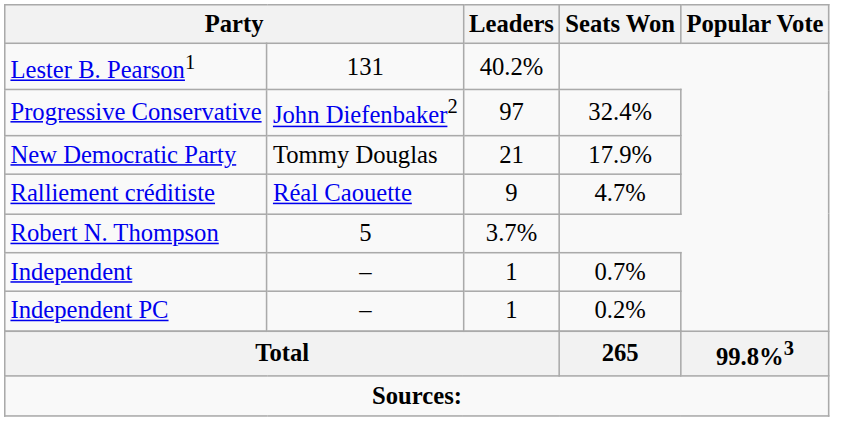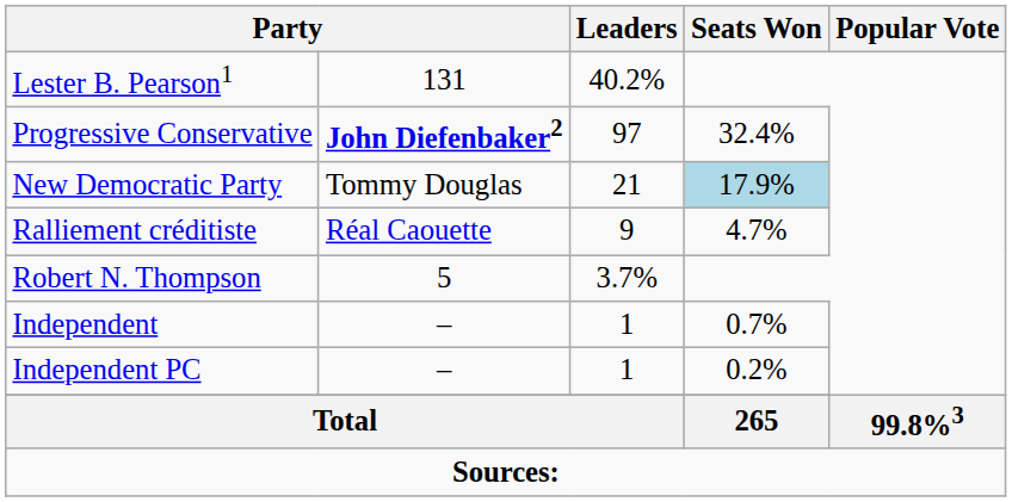 <table class="wikitable">
 <tr>
 <th colspan="2">Party</th>
 <th>Leaders</th>
 <th>Seats Won</th>
 <th>Popular Vote</th>
 </tr>
 <tr>
 <td><a href='#'>Lester B. Pearson</a><sup>1</sup></td>
 <td align=center>131</td>
 <td align=center>40.2%</td>
 </tr>
 <tr>
 <td><a href='#'>Progressive Conservative</a></td>
-<td><a href='#'>John Diefenbaker</a><sup>2</sup></td>
+<td><strong><a href='#'>John Diefenbaker</a><sup>2</sup></strong></td>
 <td align=center>97</td>
 <td align=center>32.4%</td>
 </tr>
 <tr>
 <td><a href='#'>New Democratic Party</a></td>
 <td>Tommy Douglas</td>
 <td align=center>21</td>
-<td align=center>17.9%</td>
+<td align=center style="background: lightblue;">17.9%</td>
 </tr>
 <tr>
 <td><a href='#'>Ralliement créditiste</a></td>
 <td><a href='#'>Réal Caouette</a></td>
 <td align=center>9</td>
 <td align=center>4.7%</td>
 </tr>
 <tr>
 <td><a href='#'>Robert N. Thompson</a></td>
 <td align=center>5</td>
 <td align=center>3.7%</td>
 </tr>
 <tr>
 <td><a href='#'>Independent</a></td>
 <td align=center>–</td>
 <td align=center>1</td>
 <td align=center>0.7%</td>
 </tr>
 <tr>
 <td><a href='#'>Independent PC</a></td>
 <td align=center>–</td>
 <td align=center>1</td>
 <td align=center>0.2%</td>
 </tr>
 <tr align=center|>
 </tr>
 <tr>
 <th colspan=3 align=left>Total</th>
 <th align=center>265</th>
 <th align=center>99.8%<sup>3</sup></th>
 </tr>
 <tr>
 <td align="center" colspan=5><strong>Sources:</strong> </td>
 </tr>
 </table>
